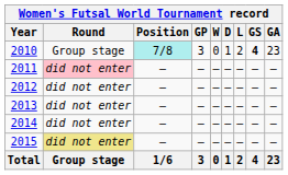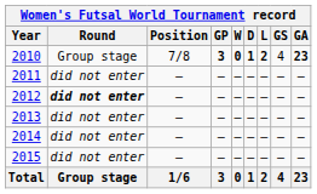 <table class="wikitable" style="text-align: center;font-size:90%;">
 <tr>
 <th colspan=9><a href='#'>Women's Futsal World Tournament</a> record</th>
 </tr>
 <tr>
 <th>Year</th>
 <th>Round</th>
 <th>Position</th>
 <th>GP</th>
 <th>W</th>
 <th>D</th>
 <th>L</th>
 <th>GS</th>
 <th>GA</th>
 </tr>
 <tr>
 <td> <a href='#'>2010</a></td>
 <td>Group stage</td>
-<td style="background: paleturquoise;">7/8</td>
-<td>3</td>
-<td>0</td>
-<td>1</td>
-<td>2</td>
-<td><strong>4</strong></td>
-<td>23</td>
+<td>7/8</td>
+<td><strong>3</strong></td>
+<td><strong>0</strong></td>
+<td><strong>1</strong></td>
+<td><strong>2</strong></td>
+<td>4</td>
+<td><strong>23</strong></td>
 </tr>
 <tr>
 <td> <a href='#'>2011</a></td>
-<td style="background: pink;"><em>did not enter</em></td>
+<td><em>did not enter</em></td>
 <td>–</td>
 <td>–</td>
 <td>–</td>
 <td>–</td>
 <td>–</td>
 <td>–</td>
 <td>–</td>
 </tr>
 <tr>
 <td> <a href='#'>2012</a></td>
-<td><em>did not enter</em></td>
+<td><strong><em>did not enter</em></strong></td>
 <td>–</td>
 <td>–</td>
 <td>–</td>
 <td>–</td>
 <td>–</td>
 <td>–</td>
 <td>–</td>
 </tr>
 <tr>
 <td> <a href='#'>2013</a></td>
 <td><em>did not enter</em></td>
 <td>–</td>
 <td>–</td>
 <td>–</td>
 <td>–</td>
 <td>–</td>
 <td>–</td>
 <td>–</td>
 </tr>
 <tr>
 <td> <a href='#'>2014</a></td>
 <td><em>did not enter</em></td>
 <td>–</td>
 <td>–</td>
 <td>–</td>
 <td>–</td>
 <td>–</td>
 <td>–</td>
 <td>–</td>
 </tr>
 <tr>
 <td> <a href='#'>2015</a></td>
-<td style="background: khaki;"><em>did not enter</em></td>
+<td><em>did not enter</em></td>
 <td>–</td>
 <td>–</td>
 <td>–</td>
 <td>–</td>
 <td>–</td>
 <td>–</td>
 <td>–</td>
 </tr>
 <tr>
 <th><strong>Total</strong></th>
 <th><strong>Group stage</strong></th>
 <th><strong>1/6</strong></th>
 <th><strong>3</strong></th>
 <th><strong>0</strong></th>
 <th><strong>1</strong></th>
 <th><strong>2</strong></th>
 <th><strong>4</strong></th>
 <th><strong>23</strong></th>
 </tr>
 </table>
